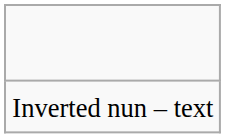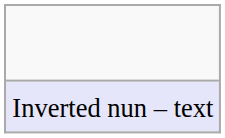 <table class=wikitable>
 <tr>
 <td style="font-size:70pt; line-height:1em;" align=center></td>
 </tr>
 <tr>
-<td><small>Inverted nun – text</small></td>
+<td style="background: lavender;"><small>Inverted nun – text</small></td>
 </tr>
 </table>
